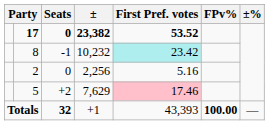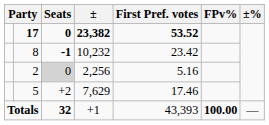 <table class=wikitable>
 <tr>
 <th colspan=2 align=center>Party</th>
 <th valign=top>Seats</th>
 <th valign=top>±</th>
 <th valign=top>First Pref. votes</th>
 <th valign=top>FPv%</th>
 <th valign=top>±%</th>
 </tr>
 <tr>
 <td></td>
 <td align=right><strong>17</strong></td>
 <td align=right><strong>0</strong></td>
 <td align=right><strong>23,382</strong></td>
 <td align=right><strong>53.52</strong></td>
 <td align=right></td>
 </tr>
 <tr>
 <td></td>
 <td align=right>8</td>
-<td align=right>-1</td>
+<td align=right><strong>-1</strong></td>
 <td align=right>10,232</td>
-<td align=right style="background: paleturquoise;">23.42</td>
+<td align=right>23.42</td>
 <td align=right></td>
 </tr>
 <tr>
 <td></td>
 <td align=right>2</td>
-<td align=right>0</td>
+<td align=right style="background: lightgrey;">0</td>
 <td align=right>2,256</td>
 <td align=right>5.16</td>
 <td align=right></td>
 </tr>
 <tr>
 <td></td>
 <td align=right>5</td>
 <td align=right>+2</td>
 <td align=right>7,629</td>
-<td align=right style="background: pink;">17.46</td>
+<td align=right>17.46</td>
 <td align=right></td>
 </tr>
 <tr>
 <td colspan=2 align=center><strong>Totals</strong></td>
 <td align=right><strong>32</strong></td>
 <td align=center>+1</td>
 <td align=right>43,393</td>
 <td align=center><strong>100.00</strong></td>
 <td align=center>—</td>
 </tr>
 </table>
